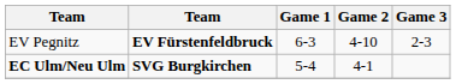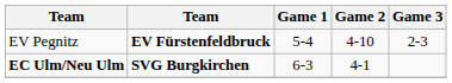 <table class="wikitable">
 <tr>
 <th>Team</th>
 <th>Team</th>
 <th>Game 1</th>
 <th>Game 2</th>
 <th>Game 3</th>
 </tr>
 <tr>
 <td>EV Pegnitz</td>
 <td><strong>EV Fürstenfeldbruck</strong></td>
-<td align="center">6-3</td>
+<td align="center">5-4</td>
 <td align="center">4-10</td>
 <td align="center">2-3</td>
 </tr>
 <tr>
 <td><strong>EC Ulm/Neu Ulm</strong></td>
 <td><strong>SVG Burgkirchen</strong></td>
-<td align="center">5-4</td>
+<td align="center">6-3</td>
 <td align="center">4-1</td>
 <td align="center"></td>
 </tr>
 <tr>
 </tr>
 </table>
